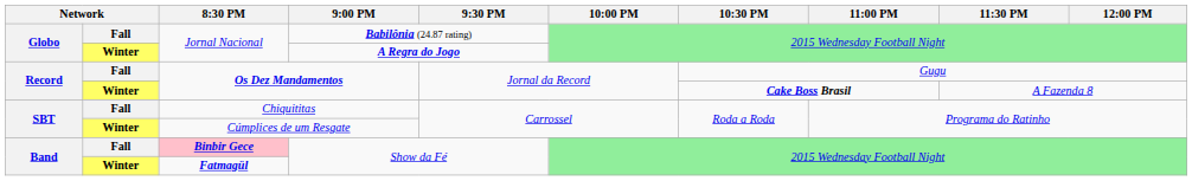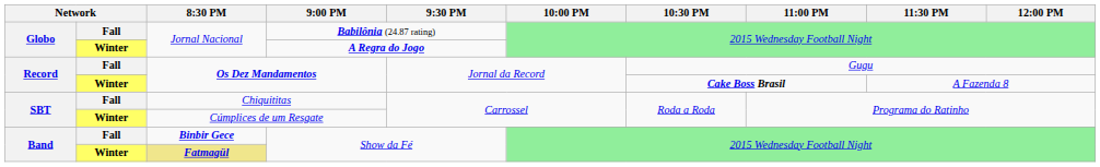 <table class="wikitable" style="width:100%;margin-right:0;text-align:center">
 <tr>
 <th colspan="2" style="width:13%;">Network</th>
 <th style="width:11%;">8:30 PM</th>
 <th style="width:11%;">9:00 PM</th>
 <th style="width:11%;">9:30 PM</th>
 <th style="width:11%;">10:00 PM</th>
 <th style="width:11%;">10:30 PM</th>
 <th style="width:11%;">11:00 PM</th>
 <th style="width:11%;">11:30 PM</th>
 <th style="width:11%;">12:00 PM</th>
 </tr>
 <tr>
 <th rowspan=2><a href='#'>Globo</a></th>
 <th>Fall</th>
 <td colspan=1 rowspan=2><em><a href='#'>Jornal Nacional</a></em></td>
 <td colspan=2><strong><em><a href='#'>Babilônia</a></em></strong> <small>(24.87 rating)</small></td>
 <td colspan=5 rowspan=2 bgcolor="90EE9B"><em><a href='#'>2015 Wednesday Football Night</a></em></td>
 </tr>
 <tr>
 <th style="background:#FFFF66;">Winter</th>
 <td colspan=2><strong><em><a href='#'>A Regra do Jogo</a></em></strong></td>
 </tr>
 <tr>
 <th rowspan=2><a href='#'>Record</a></th>
 <th>Fall</th>
 <td colspan=2 rowspan=2><strong><em><a href='#'>Os Dez Mandamentos</a></em></strong></td>
 <td colspan=2 rowspan=2><em><a href='#'>Jornal da Record</a></em></td>
 <td colspan=4><em><a href='#'>Gugu</a></em></td>
 </tr>
 <tr>
 <th style="background:#FFFF66;">Winter</th>
 <td colspan=2><strong><em><a href='#'>Cake Boss</a> Brasil</em></strong></td>
 <td colspan=2><em><a href='#'>A Fazenda 8</a></em></td>
 </tr>
 <tr>
 <th rowspan=2><a href='#'>SBT</a></th>
 <th>Fall</th>
 <td colspan=2><em><a href='#'>Chiquititas</a></em></td>
 <td colspan=2 rowspan=2><em><a href='#'>Carrossel</a></em></td>
 <td colspan=1 rowspan=2><em><a href='#'>Roda a Roda</a></em></td>
 <td colspan=3 rowspan=2><em><a href='#'>Programa do Ratinho</a></em></td>
 </tr>
 <tr>
 <th style="background:#FFFF66;">Winter</th>
 <td colspan=2><em><a href='#'>Cúmplices de um Resgate</a></em></td>
 </tr>
 <tr>
 <th rowspan=2><a href='#'>Band</a></th>
 <th>Fall</th>
-<td colspan=1 style="background: pink;"><strong><em><a href='#'>Binbir Gece</a></em></strong></td>
+<td colspan=1><strong><em><a href='#'>Binbir Gece</a></em></strong></td>
 <td colspan=2 rowspan=2><em><a href='#'>Show da Fé</a></em></td>
 <td colspan=6 rowspan=2 bgcolor="90EE9B"><em><a href='#'>2015 Wednesday Football Night</a></em></td>
 </tr>
 <tr>
 <th style="background:#FFFF66;">Winter</th>
-<td colspan=1><strong><em><a href='#'>Fatmagül</a></em></strong></td>
+<td colspan=1 style="background: khaki;"><strong><em><a href='#'>Fatmagül</a></em></strong></td>
 </tr>
 </table>
